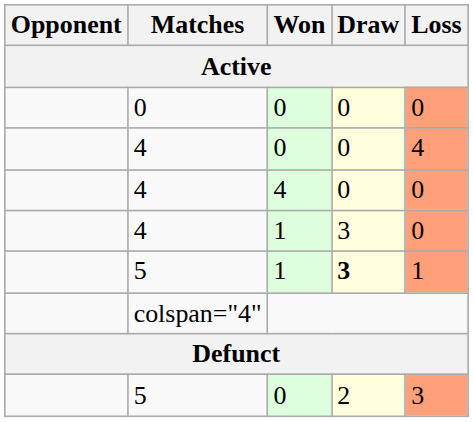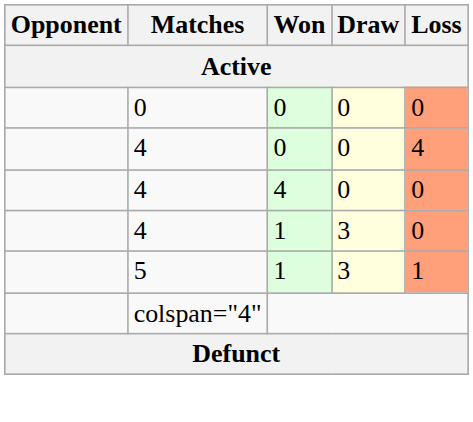 <table class="wikitable">
 <tr>
 <th>Opponent</th>
 <th>Matches</th>
 <th>Won</th>
 <th>Draw</th>
 <th>Loss</th>
 </tr>
 <tr>
 <th colspan="5">Active</th>
 </tr>
 <tr>
 <td></td>
 <td>0</td>
 <td style="background:#dfd;">0</td>
 <td style="background:#ffffdd;">0</td>
 <td style="background:#ffa07a;">0</td>
 </tr>
 <tr>
 <td></td>
 <td>4</td>
 <td style="background:#dfd;">0</td>
 <td style="background:#ffffdd;">0</td>
 <td style="background:#ffa07a;">4</td>
 </tr>
 <tr>
 <td></td>
 <td>4</td>
 <td style="background:#dfd;">4</td>
 <td style="background:#ffffdd;">0</td>
 <td style="background:#ffa07a;">0</td>
 </tr>
 <tr>
 <td></td>
 <td>4</td>
 <td style="background:#dfd;">1</td>
 <td style="background:#ffffdd;">3</td>
 <td style="background:#ffa07a;">0</td>
 </tr>
 <tr>
 <td></td>
 <td>5</td>
 <td style="background:#dfd;">1</td>
-<td style="background:#ffffdd;"><strong>3</strong></td>
+<td style="background:#ffffdd;">3</td>
 <td style="background:#ffa07a;">1</td>
 </tr>
 <tr>
 <td></td>
 <td>colspan="4" </td>
 </tr>
 <tr>
 <th colspan="5">Defunct</th>
 </tr>
-<tr>
-<td></td>
-<td>5</td>
-<td style="background:#dfd;">0</td>
-<td style="background:#ffffdd;">2</td>
-<td style="background:#ffa07a;">3</td>
-</tr>
 </table>
